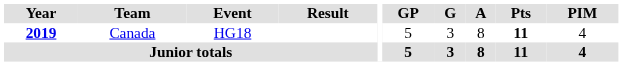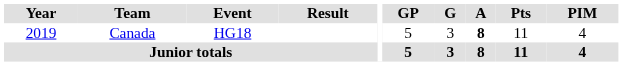 <table border="0" cellpadding="1" cellspacing="0" ID="Table3" style="text-align:center; width:40em;">
 <tr style="background:#e0e0e0;">
 <th>Year</th>
 <th>Team</th>
 <th>Event</th>
 <th>Result</th>
 <th rowspan="99" style="background:#fff;"></th>
 <th>GP</th>
 <th>G</th>
 <th>A</th>
 <th>Pts</th>
 <th>PIM</th>
 </tr>
 <tr>
-<td><strong><a href='#'>2019</a></strong></td>
+<td><a href='#'>2019</a></td>
 <td><a href='#'>Canada</a></td>
 <td><a href='#'>HG18</a></td>
 <td></td>
 <td>5</td>
 <td>3</td>
-<td>8</td>
-<td><strong>11</strong></td>
+<td><strong>8</strong></td>
+<td>11</td>
 <td>4</td>
 </tr>
 <tr style="background:#e0e0e0;">
 <th colspan="4">Junior totals</th>
 <th>5</th>
 <th>3</th>
 <th>8</th>
 <th>11</th>
 <th>4</th>
 </tr>
 </table>
